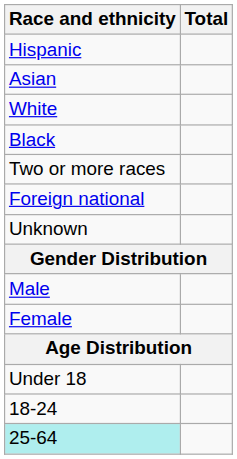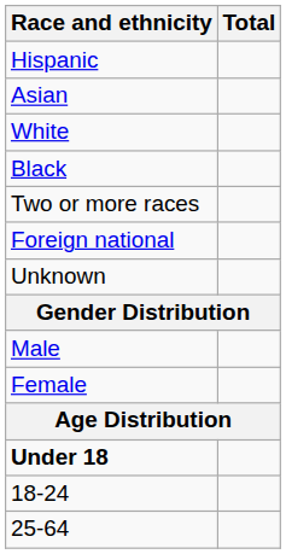 <table class="wikitable floatright sortable collapsible"; text-align:right; font-size:80%;">
 <tr>
 <th>Race and ethnicity</th>
 <th colspan="2" data-sort-type=number>Total</th>
 </tr>
 <tr>
 <td><a href='#'>Hispanic</a></td>
 <td align=right></td>
 </tr>
 <tr>
 <td><a href='#'>Asian</a></td>
 <td align=right></td>
 </tr>
 <tr>
 <td><a href='#'>White</a></td>
 <td align=right></td>
 </tr>
 <tr>
 <td><a href='#'>Black</a></td>
 <td align=right></td>
 </tr>
 <tr>
 <td>Two or more races</td>
 <td align=right></td>
 </tr>
 <tr>
 <td><a href='#'>Foreign national</a></td>
 <td align=right></td>
 </tr>
 <tr>
 <td>Unknown</td>
 <td align=right></td>
 </tr>
 <tr>
 <th colspan="4" data-sort-type=number>Gender Distribution</th>
 </tr>
 <tr>
 <td><a href='#'>Male</a></td>
 <td align=right></td>
 </tr>
 <tr>
 <td><a href='#'>Female</a></td>
 <td align=right></td>
 </tr>
 <tr>
 <th colspan="4" data-sort-type=number>Age Distribution</th>
 </tr>
 <tr>
-<td>Under 18</td>
+<td><strong>Under 18</strong></td>
 <td align=right></td>
 </tr>
 <tr>
 <td>18-24</td>
 <td align=right></td>
 </tr>
 <tr>
-<td style="background: paleturquoise;">25-64</td>
+<td>25-64</td>
 <td align=right></td>
 </tr>
 </table>
